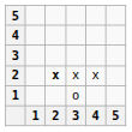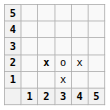 <table class="wikitable" style="text-align:center">
 <tr>
 <th>5</th>
 <td></td>
 <td></td>
 <td></td>
 <td></td>
 <td></td>
 </tr>
 <tr>
 <th>4</th>
 <td></td>
 <td></td>
 <td></td>
 <td></td>
 <td></td>
 </tr>
 <tr>
 <th>3</th>
 <td></td>
 <td></td>
 <td></td>
 <td></td>
 <td></td>
 </tr>
 <tr>
 <th>2</th>
 <td></td>
 <td><strong>x</strong></td>
-<td>x</td>
+<td>o</td>
 <td>x</td>
 <td></td>
 </tr>
 <tr>
 <th>1</th>
 <td></td>
 <td></td>
-<td>o</td>
+<td>x</td>
 <td></td>
 <td></td>
 </tr>
 <tr>
 <th width="15"></th>
 <th style="width:15px;">1</th>
 <th style="width:15px;">2</th>
 <th style="width:15px;">3</th>
 <th style="width:15px;">4</th>
 <th style="width:15px;">5</th>
 </tr>
 </table>
